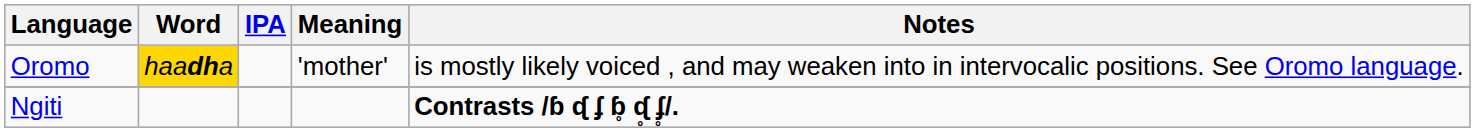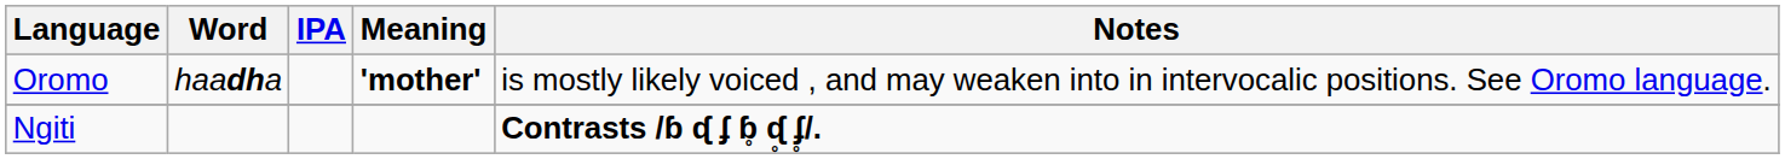 <table class="wikitable">
 <tr>
 <th colspan="2">Language</th>
 <th>Word</th>
 <th><a href='#'>IPA</a></th>
 <th>Meaning</th>
 <th>Notes</th>
 </tr>
 <tr>
 <td colspan="2"><a href='#'>Oromo</a></td>
-<td style="background: gold;"><em>haa<strong>dh</strong>a</em></td>
+<td><em>haa<strong>dh</strong>a</em></td>
 <td></td>
-<td>'mother'</td>
+<td><strong>'mother'</strong></td>
 <td> is mostly likely voiced , and may weaken into  in intervocalic positions. See <a href='#'>Oromo language</a>.</td>
 </tr>
 <tr>
 </tr>
 <tr>
 <td colspan="2"><a href='#'>Ngiti</a></td>
 <td></td>
 <td></td>
 <td></td>
 <td><strong>Contrasts /ɓ ᶑ ʄ ɓ̥ ᶑ̥ ʄ̥/.</strong></td>
 </tr>
 </table>
